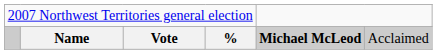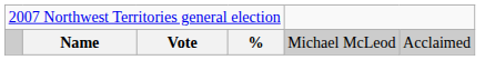 <table class="wikitable">
 <tr>
 <td colspan=4 align=center><a href='#'>2007 Northwest Territories general election</a></td>
 </tr>
 <tr bgcolor="CCCCCC">
 <td></td>
 <th>Name</th>
 <th>Vote</th>
 <th>%<br></th>
-<td><strong>Michael McLeod</strong></td>
+<td>Michael McLeod</td>
 <td colspan="2" align=center>Acclaimed</td>
 </tr>
 </table>
